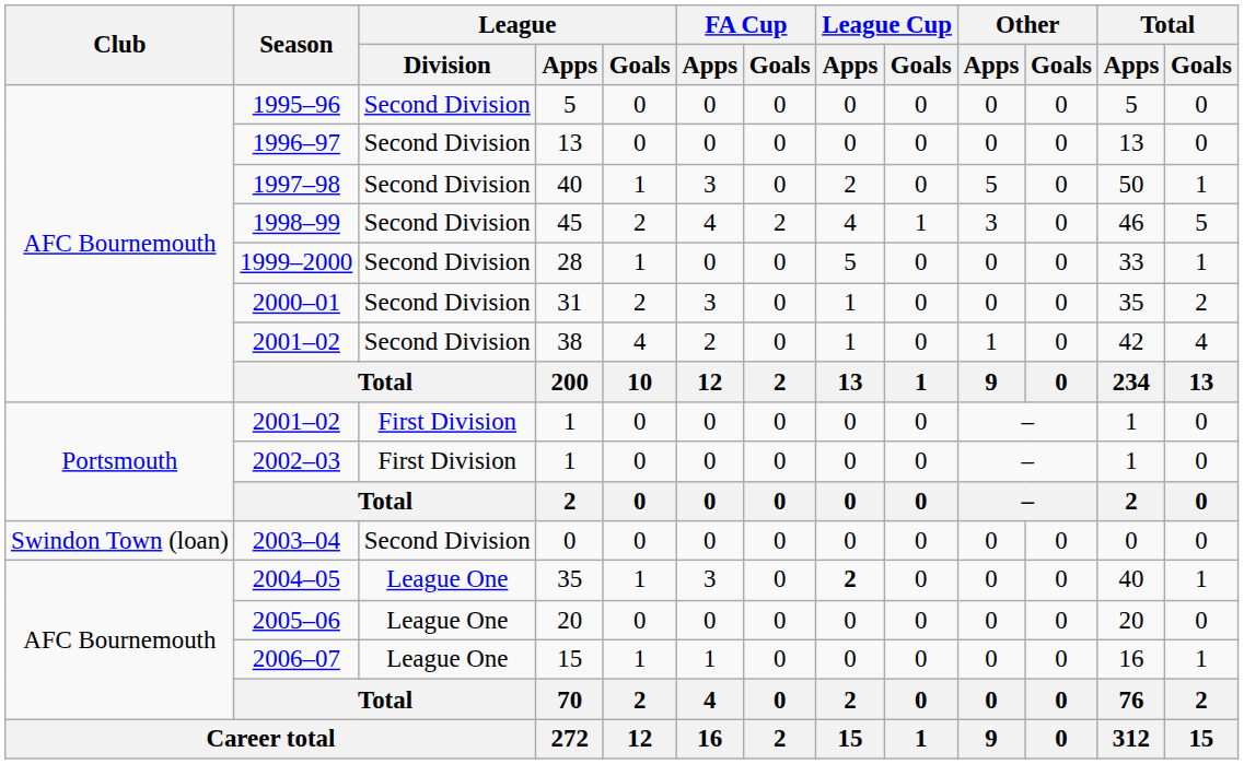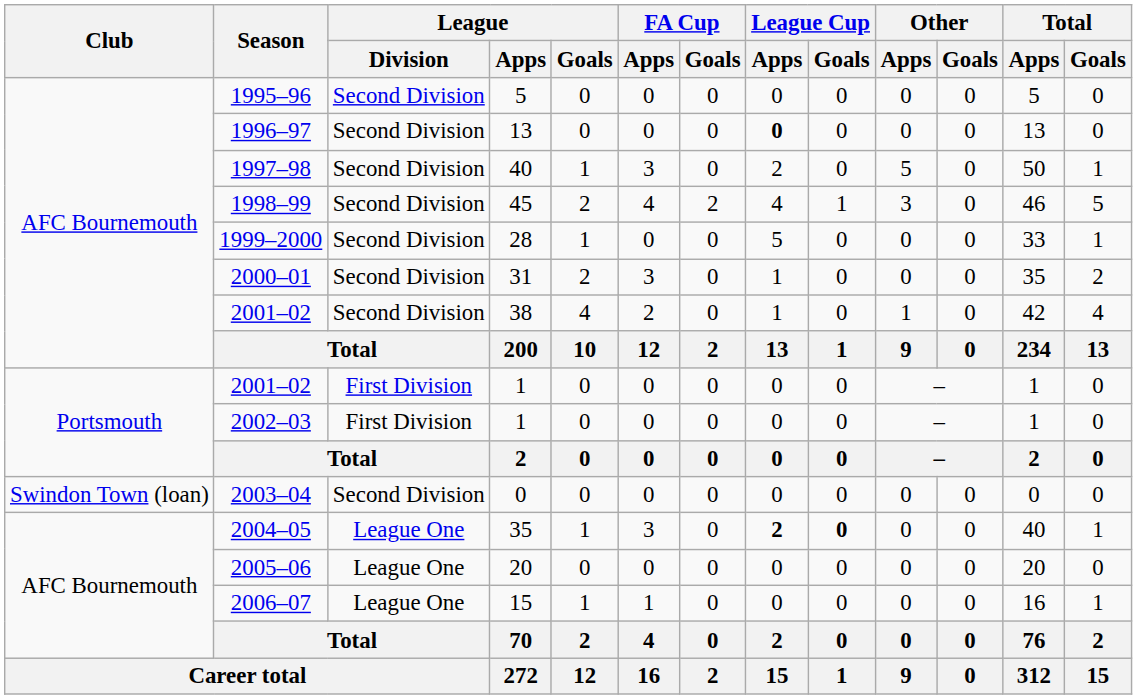 <table class="wikitable" style="text-align: center;">
 <tr>
 <th rowspan="2">Club</th>
 <th rowspan="2">Season</th>
 <th colspan="3">League</th>
 <th colspan="2"><a href='#'>FA Cup</a></th>
 <th colspan="2"><a href='#'>League Cup</a></th>
 <th colspan="2">Other</th>
 <th colspan="2">Total</th>
 </tr>
 <tr>
 <th>Division</th>
 <th>Apps</th>
 <th>Goals</th>
 <th>Apps</th>
 <th>Goals</th>
 <th>Apps</th>
 <th>Goals</th>
 <th>Apps</th>
 <th>Goals</th>
 <th>Apps</th>
 <th>Goals</th>
 </tr>
 <tr>
 <td rowspan="8"><a href='#'>AFC Bournemouth</a></td>
 <td><a href='#'>1995–96</a></td>
 <td><a href='#'>Second Division</a></td>
 <td>5</td>
 <td>0</td>
 <td>0</td>
 <td>0</td>
 <td>0</td>
 <td>0</td>
 <td>0</td>
 <td>0</td>
 <td>5</td>
 <td>0</td>
 </tr>
 <tr>
 <td><a href='#'>1996–97</a></td>
 <td>Second Division</td>
 <td>13</td>
 <td>0</td>
 <td>0</td>
 <td>0</td>
-<td>0</td>
+<td><strong>0</strong></td>
 <td>0</td>
 <td>0</td>
 <td>0</td>
 <td>13</td>
 <td>0</td>
 </tr>
 <tr>
 <td><a href='#'>1997–98</a></td>
 <td>Second Division</td>
 <td>40</td>
 <td>1</td>
 <td>3</td>
 <td>0</td>
 <td>2</td>
 <td>0</td>
 <td>5</td>
 <td>0</td>
 <td>50</td>
 <td>1</td>
 </tr>
 <tr>
 <td><a href='#'>1998–99</a></td>
 <td>Second Division</td>
 <td>45</td>
 <td>2</td>
 <td>4</td>
 <td>2</td>
 <td>4</td>
 <td>1</td>
 <td>3</td>
 <td>0</td>
 <td>46</td>
 <td>5</td>
 </tr>
 <tr>
 <td><a href='#'>1999–2000</a></td>
 <td>Second Division</td>
 <td>28</td>
 <td>1</td>
 <td>0</td>
 <td>0</td>
 <td>5</td>
 <td>0</td>
 <td>0</td>
 <td>0</td>
 <td>33</td>
 <td>1</td>
 </tr>
 <tr>
 <td><a href='#'>2000–01</a></td>
 <td>Second Division</td>
 <td>31</td>
 <td>2</td>
 <td>3</td>
 <td>0</td>
 <td>1</td>
 <td>0</td>
 <td>0</td>
 <td>0</td>
 <td>35</td>
 <td>2</td>
 </tr>
 <tr>
 <td><a href='#'>2001–02</a></td>
 <td>Second Division</td>
 <td>38</td>
 <td>4</td>
 <td>2</td>
 <td>0</td>
 <td>1</td>
 <td>0</td>
 <td>1</td>
 <td>0</td>
 <td>42</td>
 <td>4</td>
 </tr>
 <tr>
 <th colspan="2">Total</th>
 <th>200</th>
 <th>10</th>
 <th>12</th>
 <th>2</th>
 <th>13</th>
 <th>1</th>
 <th>9</th>
 <th>0</th>
 <th>234</th>
 <th>13</th>
 </tr>
 <tr>
 <td rowspan="3"><a href='#'>Portsmouth</a></td>
 <td><a href='#'>2001–02</a></td>
 <td><a href='#'>First Division</a></td>
 <td>1</td>
 <td>0</td>
 <td>0</td>
 <td>0</td>
 <td>0</td>
 <td>0</td>
 <td colspan="2">–</td>
 <td>1</td>
 <td>0</td>
 </tr>
 <tr>
 <td><a href='#'>2002–03</a></td>
 <td>First Division</td>
 <td>1</td>
 <td>0</td>
 <td>0</td>
 <td>0</td>
 <td>0</td>
 <td>0</td>
 <td colspan="2">–</td>
 <td>1</td>
 <td>0</td>
 </tr>
 <tr>
 <th colspan="2">Total</th>
 <th>2</th>
 <th>0</th>
 <th>0</th>
 <th>0</th>
 <th>0</th>
 <th>0</th>
 <th colspan="2">–</th>
 <th>2</th>
 <th>0</th>
 </tr>
 <tr>
 <td><a href='#'>Swindon Town</a> (loan)</td>
 <td><a href='#'>2003–04</a></td>
 <td>Second Division</td>
 <td>0</td>
 <td>0</td>
 <td>0</td>
 <td>0</td>
 <td>0</td>
 <td>0</td>
 <td>0</td>
 <td>0</td>
 <td>0</td>
 <td>0</td>
 </tr>
 <tr>
 <td rowspan="4">AFC Bournemouth</td>
 <td><a href='#'>2004–05</a></td>
 <td><a href='#'>League One</a></td>
 <td>35</td>
 <td>1</td>
 <td>3</td>
 <td>0</td>
 <td><strong>2</strong></td>
-<td>0</td>
+<td><strong>0</strong></td>
 <td>0</td>
 <td>0</td>
 <td>40</td>
 <td>1</td>
 </tr>
 <tr>
 <td><a href='#'>2005–06</a></td>
 <td>League One</td>
 <td>20</td>
 <td>0</td>
 <td>0</td>
 <td>0</td>
 <td>0</td>
 <td>0</td>
 <td>0</td>
 <td>0</td>
 <td>20</td>
 <td>0</td>
 </tr>
 <tr>
 <td><a href='#'>2006–07</a></td>
 <td>League One</td>
 <td>15</td>
 <td>1</td>
 <td>1</td>
 <td>0</td>
 <td>0</td>
 <td>0</td>
 <td>0</td>
 <td>0</td>
 <td>16</td>
 <td>1</td>
 </tr>
 <tr>
 <th colspan="2">Total</th>
 <th>70</th>
 <th>2</th>
 <th>4</th>
 <th>0</th>
 <th>2</th>
 <th>0</th>
 <th>0</th>
 <th>0</th>
 <th>76</th>
 <th>2</th>
 </tr>
 <tr>
 <th colspan="3">Career total</th>
 <th>272</th>
 <th>12</th>
 <th>16</th>
 <th>2</th>
 <th>15</th>
 <th>1</th>
 <th>9</th>
 <th>0</th>
 <th>312</th>
 <th>15</th>
 </tr>
 </table>
